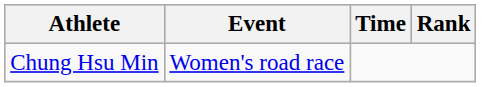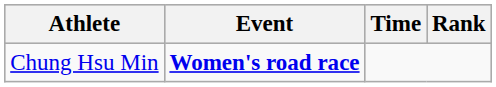 <table class="wikitable" style="font-size:90%">
 <tr>
 <th>Athlete</th>
 <th>Event</th>
 <th>Time</th>
 <th>Rank</th>
 </tr>
 <tr align=center>
 <td align=left><a href='#'>Chung Hsu Min</a></td>
-<td align=left><a href='#'>Women's road race</a></td>
+<td align=left><strong><a href='#'>Women's road race</a></strong></td>
 <td colspan=2></td>
 </tr>
 </table>
